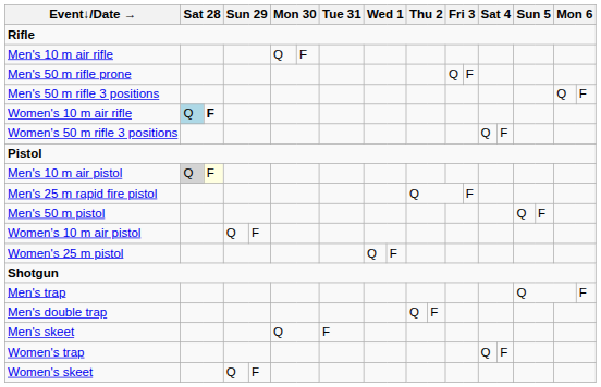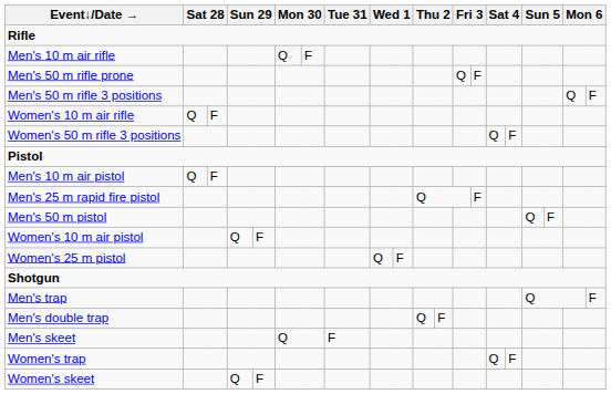 <table class="wikitable olympic-schedule shooting">
 <tr>
 <th>Event↓/Date →</th>
 <th colspan=2>Sat 28</th>
 <th colspan=2>Sun 29</th>
 <th colspan=2>Mon 30</th>
 <th colspan=2>Tue 31</th>
 <th colspan=2>Wed 1</th>
 <th colspan=2>Thu 2</th>
 <th colspan=2>Fri 3</th>
 <th colspan=2>Sat 4</th>
 <th colspan=2>Sun 5</th>
 <th colspan=2>Mon 6</th>
 </tr>
 <tr>
 <td colspan=21 class="event"><strong>Rifle</strong></td>
 </tr>
 <tr>
 <td class="event"><a href='#'>Men's 10 m air rifle</a></td>
 <td colspan=2></td>
 <td colspan=2></td>
 <td class="qualifiers">Q</td>
 <td class="final">F</td>
 <td colspan=2></td>
 <td colspan=2></td>
 <td colspan=2></td>
 <td colspan=2></td>
 <td colspan=2></td>
 <td colspan=2></td>
 <td colspan=2></td>
 </tr>
 <tr>
 <td class="event"><a href='#'>Men's 50 m rifle prone</a></td>
 <td colspan=2></td>
 <td colspan=2></td>
 <td colspan=2></td>
 <td colspan=2></td>
 <td colspan=2></td>
 <td colspan=2></td>
 <td class="qualifiers">Q</td>
 <td class="final">F</td>
 <td colspan=2></td>
 <td colspan=2></td>
 <td colspan=2></td>
 </tr>
 <tr>
 <td class="event"><a href='#'>Men's 50 m rifle 3 positions</a></td>
 <td colspan=2></td>
 <td colspan=2></td>
 <td colspan=2></td>
 <td colspan=2></td>
 <td colspan=2></td>
 <td colspan=2></td>
 <td colspan=2></td>
 <td colspan=2></td>
 <td colspan=2></td>
 <td class="qualifiers">Q</td>
 <td class="final">F</td>
 </tr>
 <tr>
 <td class="event"><a href='#'>Women's 10 m air rifle</a></td>
-<td class="qualifiers" style="background: lightblue;">Q</td>
-<td class="final"><strong>F</strong></td>
+<td class="qualifiers">Q</td>
+<td class="final">F</td>
 <td colspan=2></td>
 <td colspan=2></td>
 <td colspan=2></td>
 <td colspan=2></td>
 <td colspan=2></td>
 <td colspan=2></td>
 <td colspan=2></td>
 <td colspan=2></td>
 <td colspan=2></td>
 </tr>
 <tr>
 <td class="event"><a href='#'>Women's 50 m rifle 3 positions</a></td>
 <td colspan=2></td>
 <td colspan=2></td>
 <td colspan=2></td>
 <td colspan=2></td>
 <td colspan=2></td>
 <td colspan=2></td>
 <td colspan=2></td>
 <td class="qualifiers">Q</td>
 <td class="final">F</td>
 <td colspan=2></td>
 <td colspan=2></td>
 </tr>
 <tr>
 <td colspan=21 class="event"><strong>Pistol</strong></td>
 </tr>
 <tr>
 <td class="event"><a href='#'>Men's 10 m air pistol</a></td>
-<td class="qualifiers" style="background: lightgrey;">Q</td>
-<td class="final" style="background: lightyellow;">F</td>
+<td class="qualifiers">Q</td>
+<td class="final">F</td>
 <td colspan=2></td>
 <td colspan=2></td>
 <td colspan=2></td>
 <td colspan=2></td>
 <td colspan=2></td>
 <td colspan=2></td>
 <td colspan=2></td>
 <td colspan=2></td>
 <td colspan=2></td>
 </tr>
 <tr>
 <td class="event"><a href='#'>Men's 25 m rapid fire pistol</a></td>
 <td colspan=2></td>
 <td colspan=2></td>
 <td colspan=2></td>
 <td colspan=2></td>
 <td colspan=2></td>
 <td colspan=3 class="qualifiers">Q</td>
 <td class="final">F</td>
 <td colspan=2></td>
 <td colspan=2></td>
 <td colspan=2></td>
 </tr>
 <tr>
 <td class="event"><a href='#'>Men's 50 m pistol</a></td>
 <td colspan=2></td>
 <td colspan=2></td>
 <td colspan=2></td>
 <td colspan=2></td>
 <td colspan=2></td>
 <td colspan=2></td>
 <td colspan=2></td>
 <td colspan=2></td>
 <td class="qualifiers">Q</td>
 <td class="final">F</td>
 <td colspan=2></td>
 </tr>
 <tr>
 <td class="event"><a href='#'>Women's 10 m air pistol</a></td>
 <td colspan=2></td>
 <td class="qualifiers">Q</td>
 <td class="final">F</td>
 <td colspan=2></td>
 <td colspan=2></td>
 <td colspan=2></td>
 <td colspan=2></td>
 <td colspan=2></td>
 <td colspan=2></td>
 <td colspan=2></td>
 <td colspan=2></td>
 </tr>
 <tr>
 <td class="event"><a href='#'>Women's 25 m pistol</a></td>
 <td colspan=2></td>
 <td colspan=2></td>
 <td colspan=2></td>
 <td colspan=2></td>
 <td class="qualifiers">Q</td>
 <td class="final">F</td>
 <td colspan=2></td>
 <td colspan=2></td>
 <td colspan=2></td>
 <td colspan=2></td>
 <td colspan=2></td>
 </tr>
 <tr>
 <td colspan=21 class="event"><strong>Shotgun</strong></td>
 </tr>
 <tr>
 <td class="event"><a href='#'>Men's trap</a></td>
 <td colspan=2></td>
 <td colspan=2></td>
 <td colspan=2></td>
 <td colspan=2></td>
 <td colspan=2></td>
 <td colspan=2></td>
 <td colspan=2></td>
 <td colspan=2></td>
 <td colspan=3 class="qualifiers">Q</td>
 <td class="final">F</td>
 </tr>
 <tr>
 <td class="event"><a href='#'>Men's double trap</a></td>
 <td colspan=2></td>
 <td colspan=2></td>
 <td colspan=2></td>
 <td colspan=2></td>
 <td colspan=2></td>
 <td class="qualifiers">Q</td>
 <td class="final">F</td>
 <td colspan=2></td>
 <td colspan=2></td>
 <td colspan=2></td>
 <td colspan=2></td>
 </tr>
 <tr>
 <td class="event"><a href='#'>Men's skeet</a></td>
 <td colspan=2></td>
 <td colspan=2></td>
 <td colspan=3 class="qualifiers">Q</td>
 <td class="final">F</td>
 <td colspan=2></td>
 <td colspan=2></td>
 <td colspan=2></td>
 <td colspan=2></td>
 <td colspan=2></td>
 <td colspan=2></td>
 </tr>
 <tr>
 <td class="event"><a href='#'>Women's trap</a></td>
 <td colspan=2></td>
 <td colspan=2></td>
 <td colspan=2></td>
 <td colspan=2></td>
 <td colspan=2></td>
 <td colspan=2></td>
 <td colspan=2></td>
 <td class="qualifiers">Q</td>
 <td class="final">F</td>
 <td colspan=2></td>
 <td colspan=2></td>
 </tr>
 <tr>
 <td class="event"><a href='#'>Women's skeet</a></td>
 <td colspan=2></td>
 <td class="qualifiers">Q</td>
 <td class="final">F</td>
 <td colspan=2></td>
 <td colspan=2></td>
 <td colspan=2></td>
 <td colspan=2></td>
 <td colspan=2></td>
 <td colspan=2></td>
 <td colspan=2></td>
 <td colspan=2></td>
 </tr>
 </table>
